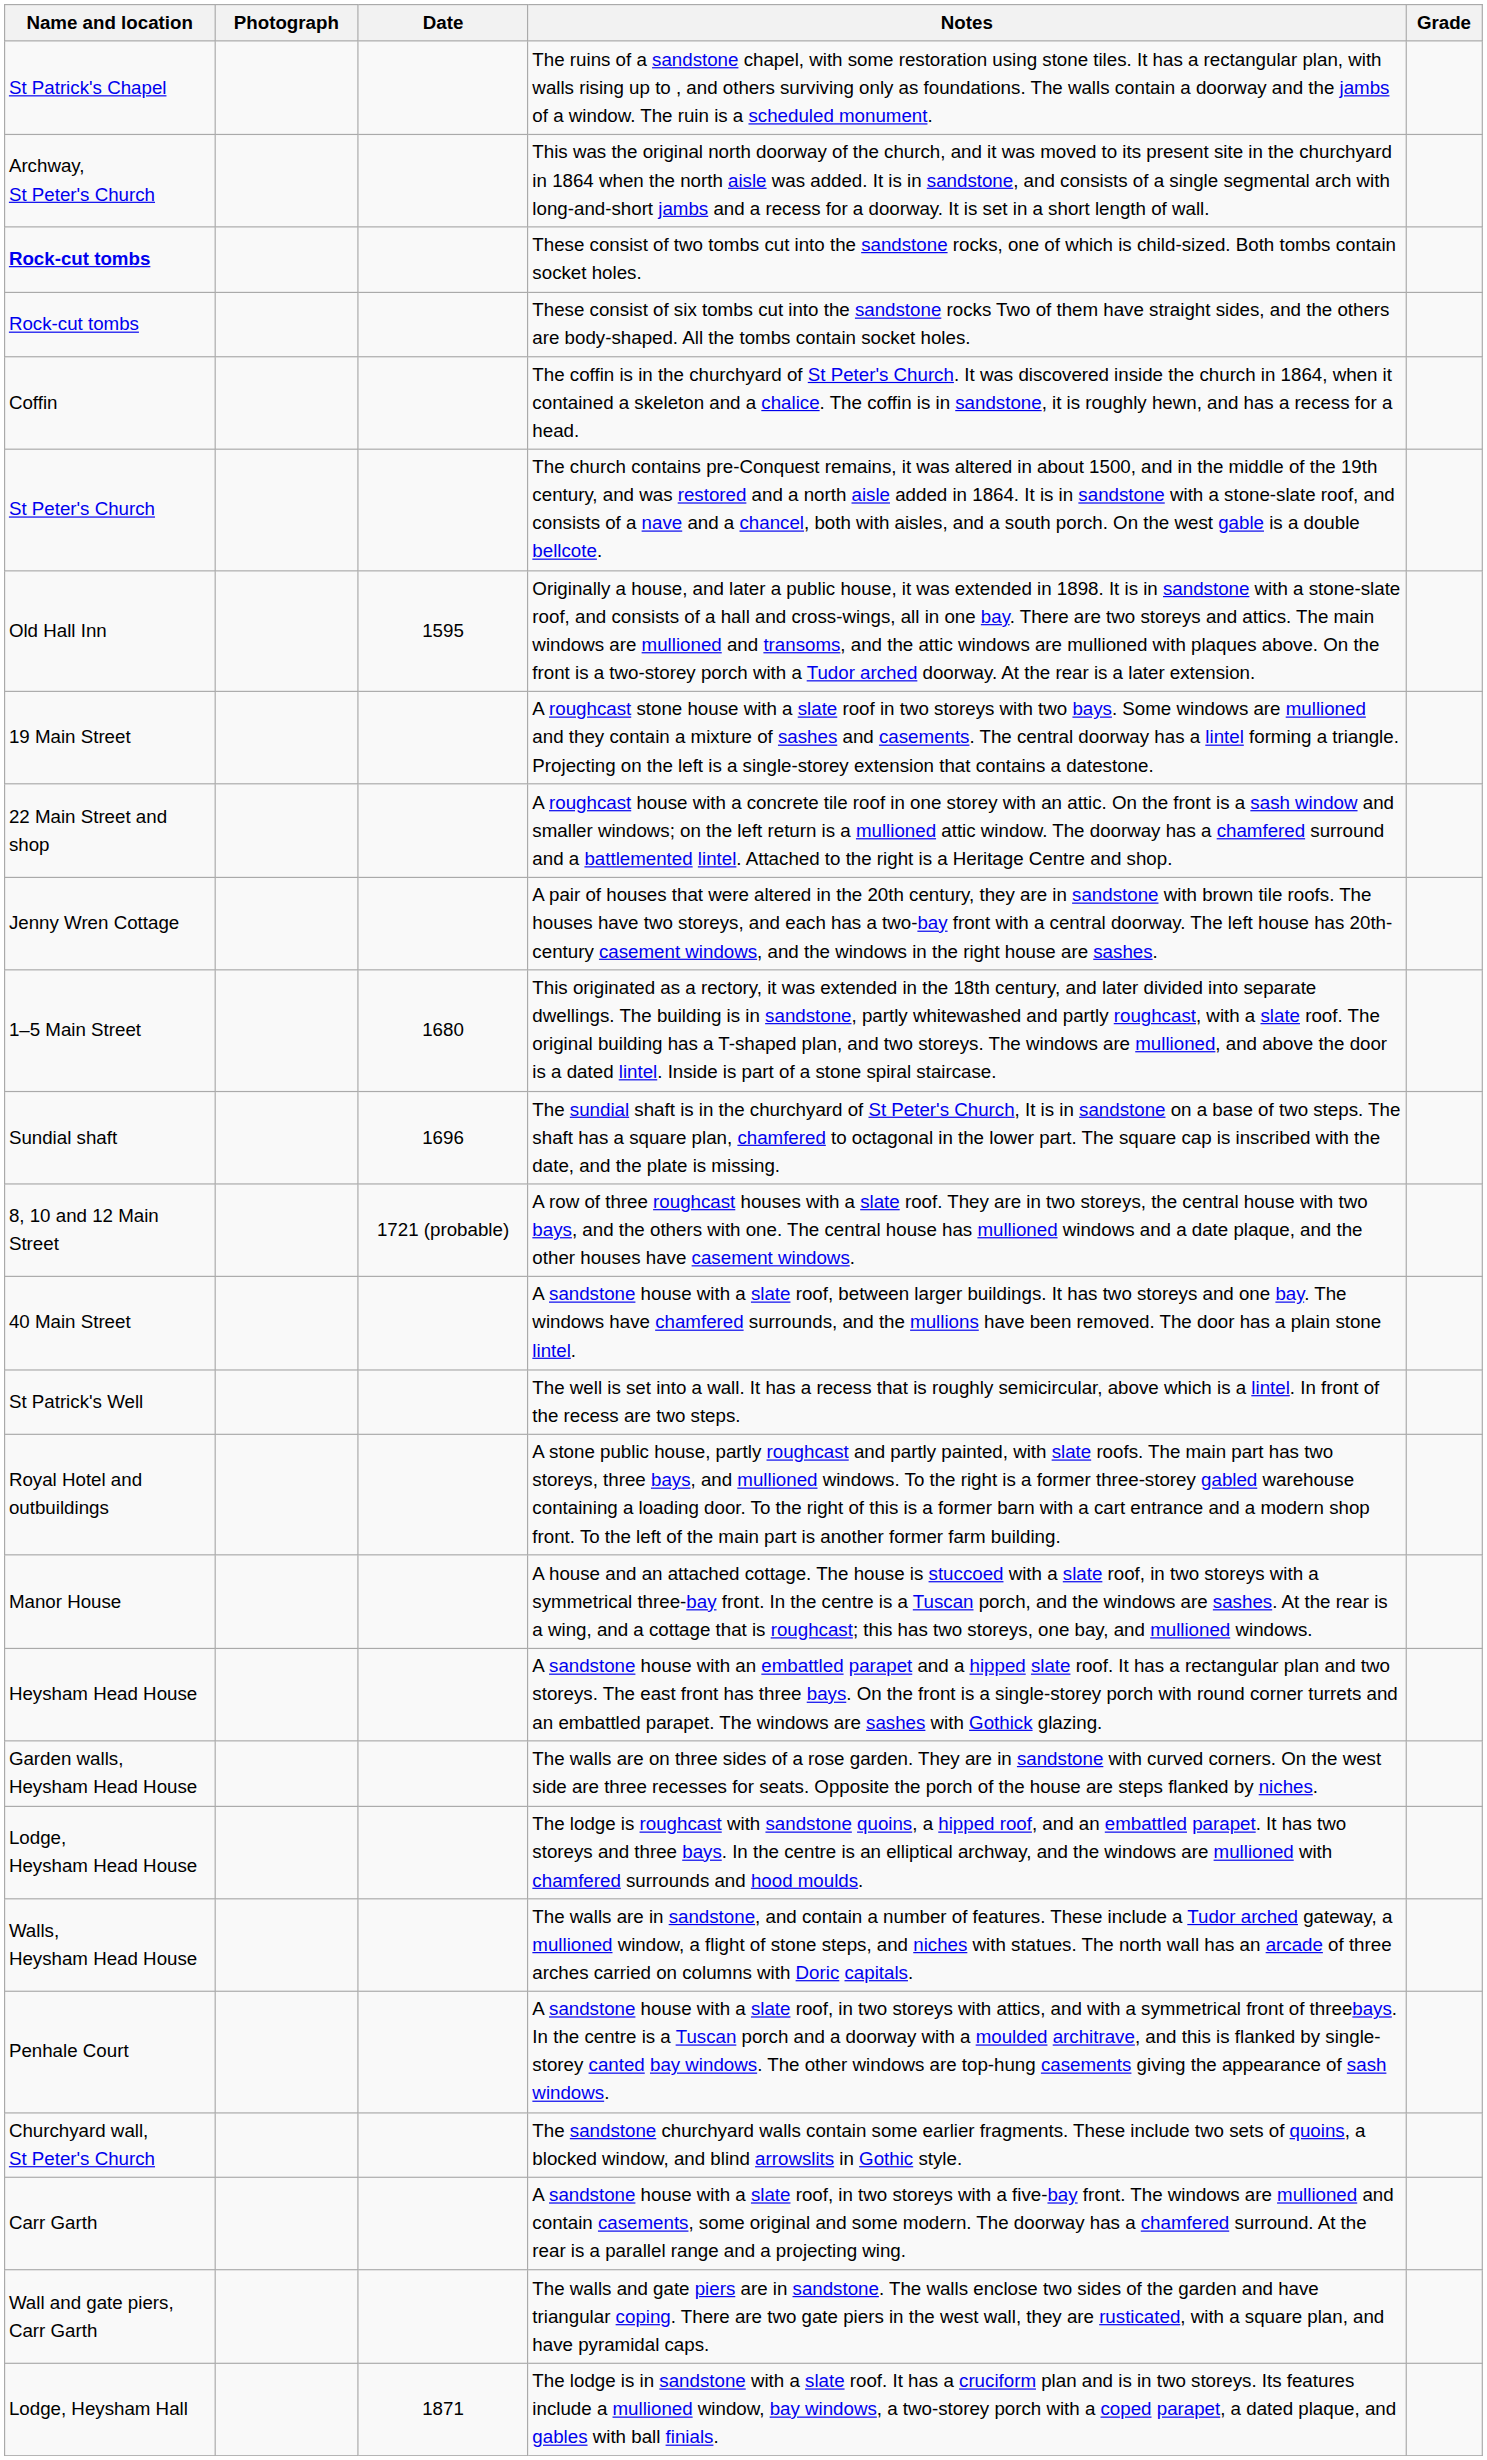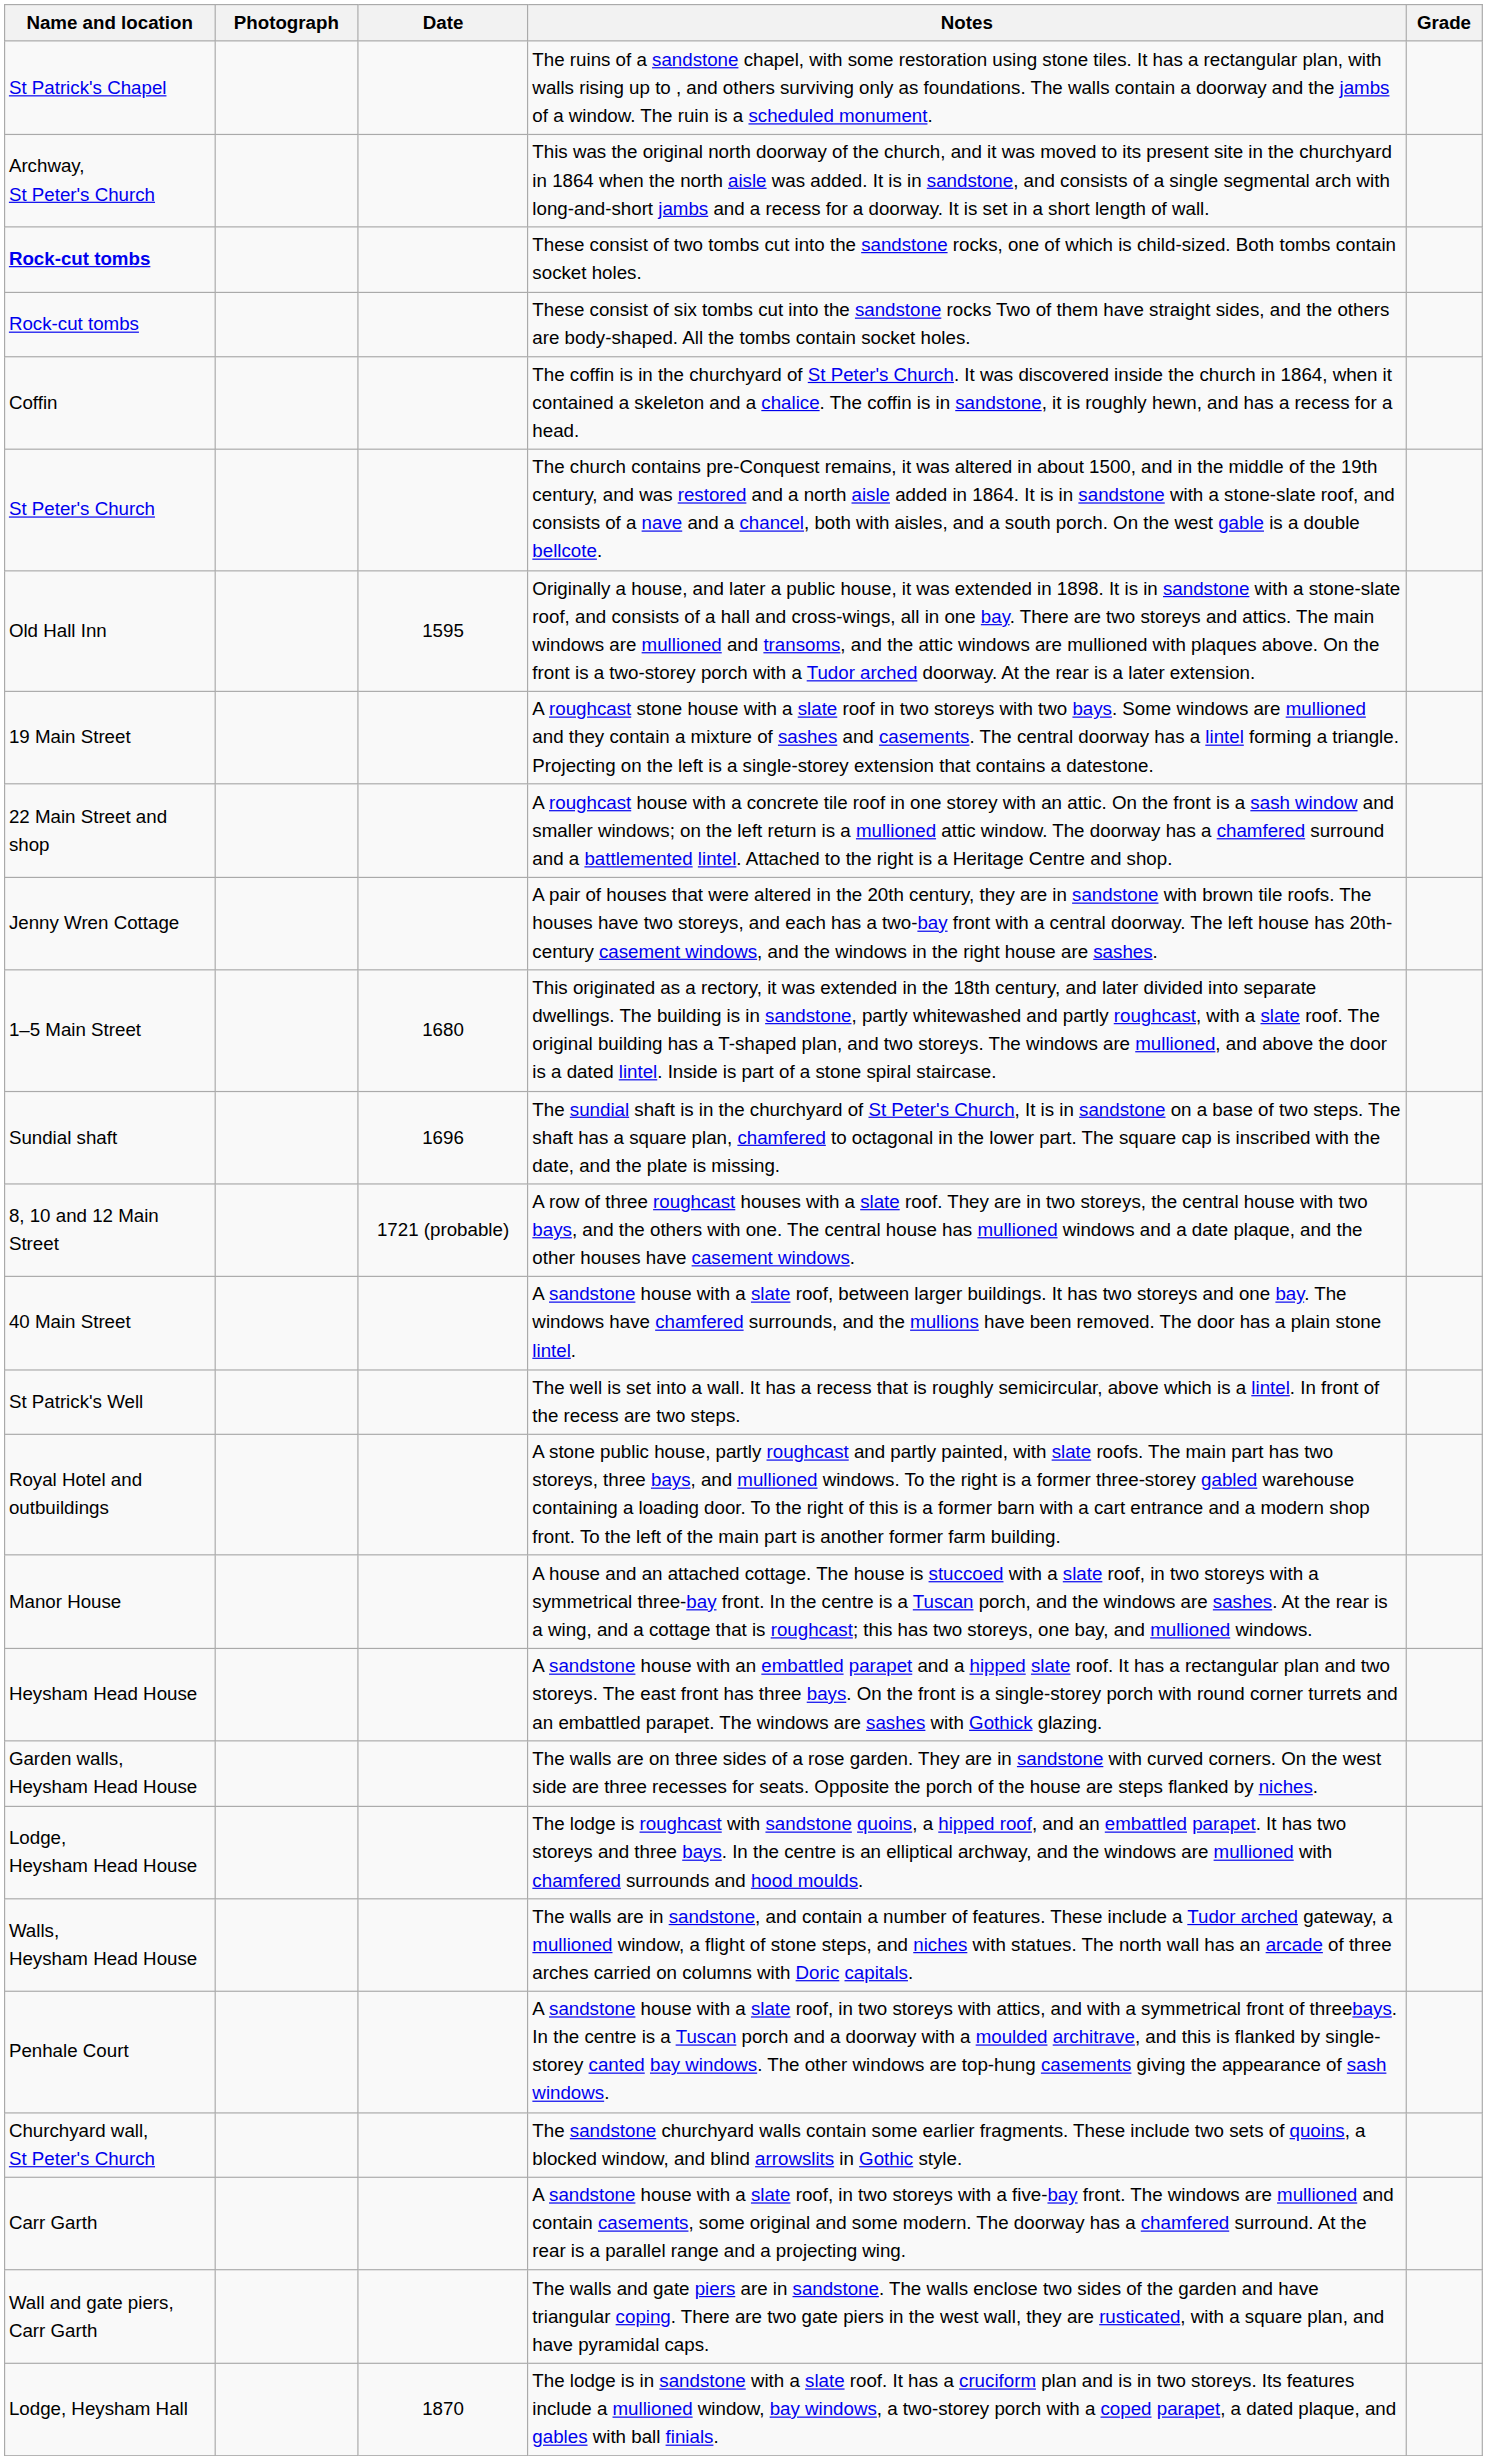 <table class="wikitable sortable plainrowheaders" style="width:100%;border:0px;text-align:left;line-height:150%;">
 <tr>
 <th scope="col"  style="width:150px">Name and location</th>
 <th scope="col"  style="width:100px" class="unsortable">Photograph</th>
 <th scope="col"  style="width:120px">Date</th>
 <th scope="col"  style="width:650px" class="unsortable">Notes</th>
 <th scope="col"  style="width:50px">Grade</th>
 </tr>
 <tr>
 <td><a href='#'>St Patrick's Chapel</a><br><small></small></td>
 <td></td>
 <td align="center"></td>
 <td>The ruins of a <a href='#'>sandstone</a> chapel, with some restoration using stone tiles.  It has a rectangular plan, with walls rising up to , and others surviving only as foundations.  The walls contain a doorway and the <a href='#'>jambs</a> of a window.  The ruin is a <a href='#'>scheduled monument</a>.</td>
 <td align="center" ></td>
 </tr>
 <tr>
 <td>Archway,<br><a href='#'>St Peter's Church</a><br><small></small></td>
 <td></td>
 <td align="center"></td>
 <td>This was the original north doorway of the church, and it was moved to its present site in the churchyard in 1864 when the north <a href='#'>aisle</a> was added.  It is in <a href='#'>sandstone</a>, and consists of a single segmental arch with long-and-short <a href='#'>jambs</a> and a recess for a doorway.  It is set in a short length of wall.</td>
 <td align="center" ></td>
 </tr>
 <tr>
 <td><strong><a href='#'>Rock-cut tombs</a><br><small></small></strong></td>
 <td></td>
 <td align="center"></td>
 <td>These consist of two tombs cut into the <a href='#'>sandstone</a> rocks, one of which is child-sized.  Both tombs contain socket holes.</td>
 <td align="center" ></td>
 </tr>
 <tr>
 <td><a href='#'>Rock-cut tombs</a><br><small></small></td>
 <td></td>
 <td align="center"></td>
 <td>These consist of six tombs cut into the <a href='#'>sandstone</a> rocks  Two of them have straight sides, and the others are body-shaped.  All the tombs contain socket holes.</td>
 <td align="center" ></td>
 </tr>
 <tr>
 <td>Coffin<br><small></small></td>
 <td></td>
 <td align="center"></td>
 <td>The coffin is in the churchyard of <a href='#'>St Peter's Church</a>.  It was discovered inside the church in 1864, when it contained a skeleton and a <a href='#'>chalice</a>.  The coffin is in <a href='#'>sandstone</a>, it is roughly hewn, and has a recess for a head.</td>
 <td align="center" ></td>
 </tr>
 <tr>
 <td><a href='#'>St Peter's Church</a><br><small></small></td>
 <td></td>
 <td align="center"></td>
 <td>The church contains pre-Conquest remains, it was altered in about 1500, and in the middle of the 19th century, and was <a href='#'>restored</a> and a north <a href='#'>aisle</a> added in 1864.  It is in <a href='#'>sandstone</a> with a stone-slate roof, and consists of a <a href='#'>nave</a> and a <a href='#'>chancel</a>, both with aisles, and a south porch.  On the west <a href='#'>gable</a> is a double <a href='#'>bellcote</a>.</td>
 <td align="center" ></td>
 </tr>
 <tr>
 <td>Old Hall Inn<br><small></small></td>
 <td></td>
 <td align="center">1595</td>
 <td>Originally a house, and later a public house, it was extended in 1898.  It is in <a href='#'>sandstone</a> with a stone-slate roof, and consists of a hall and cross-wings, all in one <a href='#'>bay</a>.  There are two storeys and attics.  The main windows are <a href='#'>mullioned</a> and <a href='#'>transoms</a>, and the attic windows are mullioned with plaques above.  On the front is a two-storey porch with a <a href='#'>Tudor arched</a> doorway.  At the rear is a later extension.</td>
 <td align="center" ></td>
 </tr>
 <tr>
 <td>19 Main Street<br><small></small></td>
 <td></td>
 <td align="center"></td>
 <td>A <a href='#'>roughcast</a> stone house with a <a href='#'>slate</a> roof in two storeys with two <a href='#'>bays</a>.  Some windows are <a href='#'>mullioned</a> and they contain a mixture of <a href='#'>sashes</a> and <a href='#'>casements</a>.  The central doorway has a <a href='#'>lintel</a> forming a triangle.  Projecting on the left is a single-storey extension that contains a datestone.</td>
 <td align="center" ></td>
 </tr>
 <tr>
 <td>22 Main Street and shop<br><small></small></td>
 <td></td>
 <td align="center"></td>
 <td>A <a href='#'>roughcast</a> house with a concrete tile roof in one storey with an attic.  On the front is a <a href='#'>sash window</a> and smaller windows; on the left return is a <a href='#'>mullioned</a> attic window.  The doorway has a <a href='#'>chamfered</a> surround and a <a href='#'>battlemented</a> <a href='#'>lintel</a>.  Attached to the right is a Heritage Centre and shop.</td>
 <td align="center" ></td>
 </tr>
 <tr>
 <td>Jenny Wren Cottage<br><small></small></td>
 <td></td>
 <td align="center"></td>
 <td>A pair of houses that were altered in the 20th century, they are in <a href='#'>sandstone</a> with brown tile roofs.  The houses have two storeys, and each has a two-<a href='#'>bay</a> front with a central doorway.  The left house has 20th-century <a href='#'>casement windows</a>, and the windows in the right house are <a href='#'>sashes</a>.</td>
 <td align="center" ></td>
 </tr>
 <tr>
 <td>1–5 Main Street<br><small></small></td>
 <td></td>
 <td align="center">1680</td>
 <td>This originated as a rectory, it was extended in the 18th century, and later divided into separate dwellings.  The building is in <a href='#'>sandstone</a>,  partly whitewashed and partly <a href='#'>roughcast</a>, with a <a href='#'>slate</a> roof.  The original building has a T-shaped plan, and two storeys.  The windows are <a href='#'>mullioned</a>, and above the door is a dated <a href='#'>lintel</a>.  Inside is part of a stone spiral staircase.</td>
 <td align="center" ></td>
 </tr>
 <tr>
 <td>Sundial shaft<br><small></small></td>
 <td></td>
 <td align="center">1696</td>
 <td>The <a href='#'>sundial</a> shaft is in the churchyard of <a href='#'>St Peter's Church</a>,  It is in <a href='#'>sandstone</a> on a base of two steps.  The shaft has a square plan, <a href='#'>chamfered</a> to octagonal in the lower part.  The square cap is inscribed with the date, and the plate is missing.</td>
 <td align="center" ></td>
 </tr>
 <tr>
 <td>8, 10 and 12 Main Street<br><small></small></td>
 <td></td>
 <td align="center">1721 (probable)</td>
 <td>A row of three <a href='#'>roughcast</a> houses with a <a href='#'>slate</a> roof.  They are in two storeys, the central house with two <a href='#'>bays</a>, and the others with one.  The central house has <a href='#'>mullioned</a> windows and a date plaque, and the other houses have <a href='#'>casement windows</a>.</td>
 <td align="center" ></td>
 </tr>
 <tr>
 <td>40 Main Street<br><small></small></td>
 <td></td>
 <td align="center"></td>
 <td>A <a href='#'>sandstone</a> house with a <a href='#'>slate</a> roof, between larger buildings.  It has two storeys and one <a href='#'>bay</a>.  The windows have <a href='#'>chamfered</a> surrounds, and the <a href='#'>mullions</a> have been removed.  The door has a plain stone <a href='#'>lintel</a>.</td>
 <td align="center" ></td>
 </tr>
 <tr>
 <td>St Patrick's Well<br><small></small></td>
 <td></td>
 <td align="center"></td>
 <td>The well is set into a wall.  It has a recess that is roughly semicircular, above which is a <a href='#'>lintel</a>.  In front of the recess are two steps.</td>
 <td align="center" ></td>
 </tr>
 <tr>
 <td>Royal Hotel and outbuildings<br><small></small></td>
 <td></td>
 <td align="center"></td>
 <td>A stone public house, partly <a href='#'>roughcast</a> and partly painted, with <a href='#'>slate</a> roofs.  The main part has two storeys, three <a href='#'>bays</a>, and <a href='#'>mullioned</a> windows.  To the right is a former three-storey <a href='#'>gabled</a> warehouse containing a loading door.  To the right of this is a former barn with a cart entrance and a modern shop front.  To the left of the main part is another former farm building.</td>
 <td align="center" ></td>
 </tr>
 <tr>
 <td>Manor House<br><small></small></td>
 <td></td>
 <td align="center"></td>
 <td>A house and an attached cottage.  The house is <a href='#'>stuccoed</a> with a <a href='#'>slate</a> roof, in two storeys with a symmetrical three-<a href='#'>bay</a> front.  In the centre is a <a href='#'>Tuscan</a> porch, and the windows are <a href='#'>sashes</a>.  At the rear is a wing, and a cottage that is <a href='#'>roughcast</a>; this has two storeys, one bay, and <a href='#'>mullioned</a> windows.</td>
 <td align="center" ></td>
 </tr>
 <tr>
 <td>Heysham Head House<br><small></small></td>
 <td></td>
 <td align="center"></td>
 <td>A <a href='#'>sandstone</a> house with an <a href='#'>embattled</a> <a href='#'>parapet</a> and a <a href='#'>hipped</a> <a href='#'>slate</a> roof.  It has a rectangular plan and two storeys.  The east front has three <a href='#'>bays</a>.  On the front is a single-storey porch with round corner turrets and an embattled parapet.  The windows are <a href='#'>sashes</a> with <a href='#'>Gothick</a> glazing.</td>
 <td align="center" ></td>
 </tr>
 <tr>
 <td>Garden walls,<br>Heysham Head House<br><small></small></td>
 <td></td>
 <td align="center"></td>
 <td>The walls are on three sides of a rose garden.  They are in <a href='#'>sandstone</a> with curved corners.  On the west side are three recesses for seats.  Opposite the porch of the house are steps flanked by <a href='#'>niches</a>.</td>
 <td align="center" ></td>
 </tr>
 <tr>
 <td>Lodge,<br>Heysham Head House<br><small></small></td>
 <td></td>
 <td align="center"></td>
 <td>The lodge is <a href='#'>roughcast</a> with <a href='#'>sandstone</a> <a href='#'>quoins</a>, a <a href='#'>hipped roof</a>, and an <a href='#'>embattled</a> <a href='#'>parapet</a>.  It has two storeys and three <a href='#'>bays</a>.  In the centre is an elliptical archway, and the windows are <a href='#'>mullioned</a> with <a href='#'>chamfered</a> surrounds and <a href='#'>hood moulds</a>.</td>
 <td align="center" ></td>
 </tr>
 <tr>
 <td>Walls,<br>Heysham Head House<br><small></small></td>
 <td></td>
 <td align="center"></td>
 <td>The walls are in <a href='#'>sandstone</a>, and contain a number of features.  These include a <a href='#'>Tudor arched</a> gateway, a <a href='#'>mullioned</a> window, a flight of stone steps, and <a href='#'>niches</a> with statues.  The north wall has an <a href='#'>arcade</a> of three arches carried on columns with <a href='#'>Doric</a> <a href='#'>capitals</a>.</td>
 <td align="center" ></td>
 </tr>
 <tr>
 <td>Penhale Court<br><small></small></td>
 <td></td>
 <td align="center"></td>
 <td>A <a href='#'>sandstone</a> house with a <a href='#'>slate</a> roof, in two storeys with attics, and with a symmetrical front of three<a href='#'>bays</a>.  In the centre is a <a href='#'>Tuscan</a> porch and a doorway with a <a href='#'>moulded</a>  <a href='#'>architrave</a>, and this is flanked by single-storey <a href='#'>canted</a> <a href='#'>bay windows</a>.  The other windows are top-hung <a href='#'>casements</a> giving the appearance of <a href='#'>sash windows</a>.</td>
 <td align="center" ></td>
 </tr>
 <tr>
 <td>Churchyard wall,<br><a href='#'>St Peter's Church</a><br><small></small></td>
 <td></td>
 <td align="center"></td>
 <td>The <a href='#'>sandstone</a> churchyard walls contain some earlier fragments.  These include two sets of <a href='#'>quoins</a>, a blocked window, and blind <a href='#'>arrowslits</a> in <a href='#'>Gothic</a> style.</td>
 <td align="center" ></td>
 </tr>
 <tr>
 <td>Carr Garth<br><small></small></td>
 <td></td>
 <td align="center"></td>
 <td>A <a href='#'>sandstone</a> house with a <a href='#'>slate</a> roof, in two storeys with a five-<a href='#'>bay</a> front.  The windows are <a href='#'>mullioned</a> and contain <a href='#'>casements</a>, some original and some modern.  The doorway has a <a href='#'>chamfered</a> surround.  At the rear is a parallel range and a projecting wing.</td>
 <td align="center" ></td>
 </tr>
 <tr>
 <td>Wall and gate piers,<br>Carr Garth<br><small></small></td>
 <td></td>
 <td align="center"></td>
 <td>The walls and gate <a href='#'>piers</a> are in <a href='#'>sandstone</a>.  The walls enclose two sides of the garden and have triangular <a href='#'>coping</a>.  There are two gate piers in the west wall, they are <a href='#'>rusticated</a>, with a square plan, and have pyramidal caps.</td>
 <td align="center" ></td>
 </tr>
 <tr>
 <td>Lodge, Heysham Hall<br><small></small></td>
 <td></td>
-<td align="center">1871</td>
+<td align="center">1870</td>
 <td>The lodge is in <a href='#'>sandstone</a> with a <a href='#'>slate</a> roof.  It has a <a href='#'>cruciform</a> plan and is in two storeys.  Its features include a <a href='#'>mullioned</a> window, <a href='#'>bay windows</a>, a two-storey porch with a <a href='#'>coped</a> <a href='#'>parapet</a>, a dated plaque, and <a href='#'>gables</a> with ball <a href='#'>finials</a>.</td>
 <td align="center" ></td>
 </tr>
 <tr>
 </tr>
 </table>
